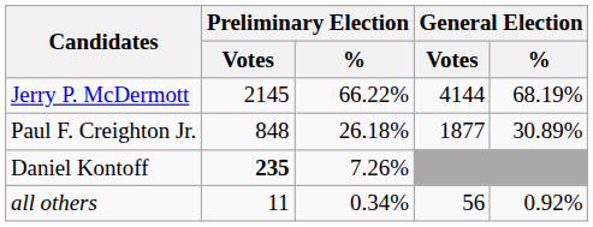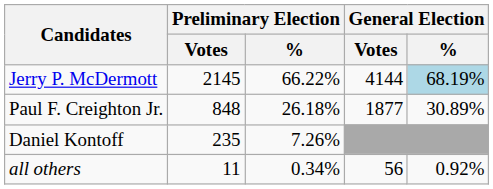 <table class=wikitable>
 <tr>
 <th colspan=1 rowspan=2><strong>Candidates</strong></th>
 <th colspan=2><strong>Preliminary Election</strong></th>
 <th colspan=2><strong>General Election</strong></th>
 </tr>
 <tr>
 <th>Votes</th>
 <th>%</th>
 <th>Votes</th>
 <th>%</th>
 </tr>
 <tr>
 <td><a href='#'>Jerry P. McDermott</a></td>
 <td align="right">2145</td>
 <td align="right">66.22%</td>
 <td align="right">4144</td>
-<td align="right">68.19%</td>
+<td align="right" style="background: lightblue;">68.19%</td>
 </tr>
 <tr>
 <td>Paul F. Creighton Jr.</td>
 <td align="right">848</td>
 <td align="right">26.18%</td>
 <td align="right">1877</td>
 <td align="right">30.89%</td>
 </tr>
 <tr>
 <td>Daniel Kontoff</td>
-<td align="right"><strong>235</strong></td>
+<td align="right">235</td>
 <td align="right">7.26%</td>
 <td colspan=2 bgcolor=darkgray> </td>
 </tr>
 <tr>
 <td><em>all others</em></td>
 <td align="right">11</td>
 <td align="right">0.34%</td>
 <td align="right">56</td>
 <td align="right">0.92%</td>
 </tr>
 </table>
